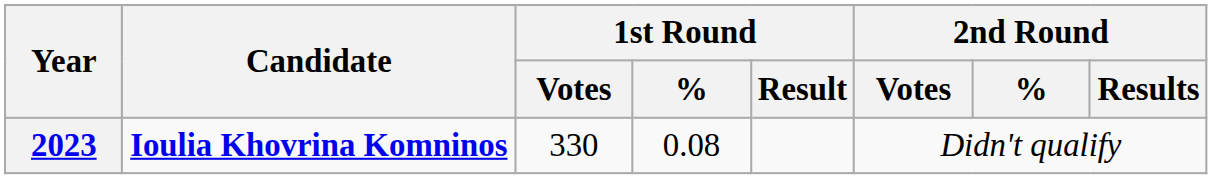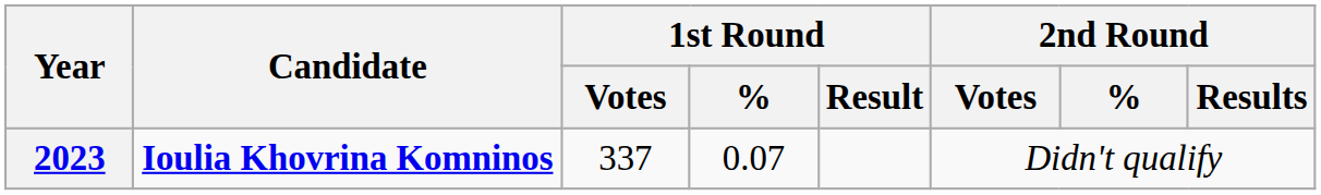 <table class="wikitable" style="text-align:center;font-size:100%;line-height:20px;">
 <tr>
 <th rowspan="2" width="50">Year</th>
 <th rowspan="2">Candidate</th>
 <th colspan="3" width="100">1st Round</th>
 <th colspan="3" width="100">2nd Round</th>
 </tr>
 <tr>
 <th width="50">Votes</th>
 <th width="50">%</th>
 <th>Result</th>
 <th width="50">Votes</th>
 <th width="50">%</th>
 <th>Results</th>
 </tr>
 <tr>
 <th><a href='#'>2023</a></th>
 <td><strong><a href='#'>Ioulia Khovrina Komninos</a></strong></td>
-<td>330</td>
-<td>0.08</td>
+<td>337</td>
+<td>0.07</td>
 <td></td>
 <td colspan="3"><em>Didn't qualify</em></td>
 </tr>
 </table>
